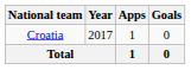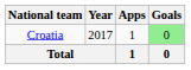 <table class="wikitable" style="text-align:center">
 <tr>
 <th>National team</th>
 <th>Year</th>
 <th>Apps</th>
 <th>Goals</th>
 </tr>
 <tr>
 <td><a href='#'>Croatia</a></td>
 <td>2017</td>
 <td>1</td>
-<td>0</td>
+<td style="background: lightgreen;">0</td>
 </tr>
 <tr>
 <th colspan="2">Total</th>
 <th>1</th>
 <th>0</th>
 </tr>
 </table>
